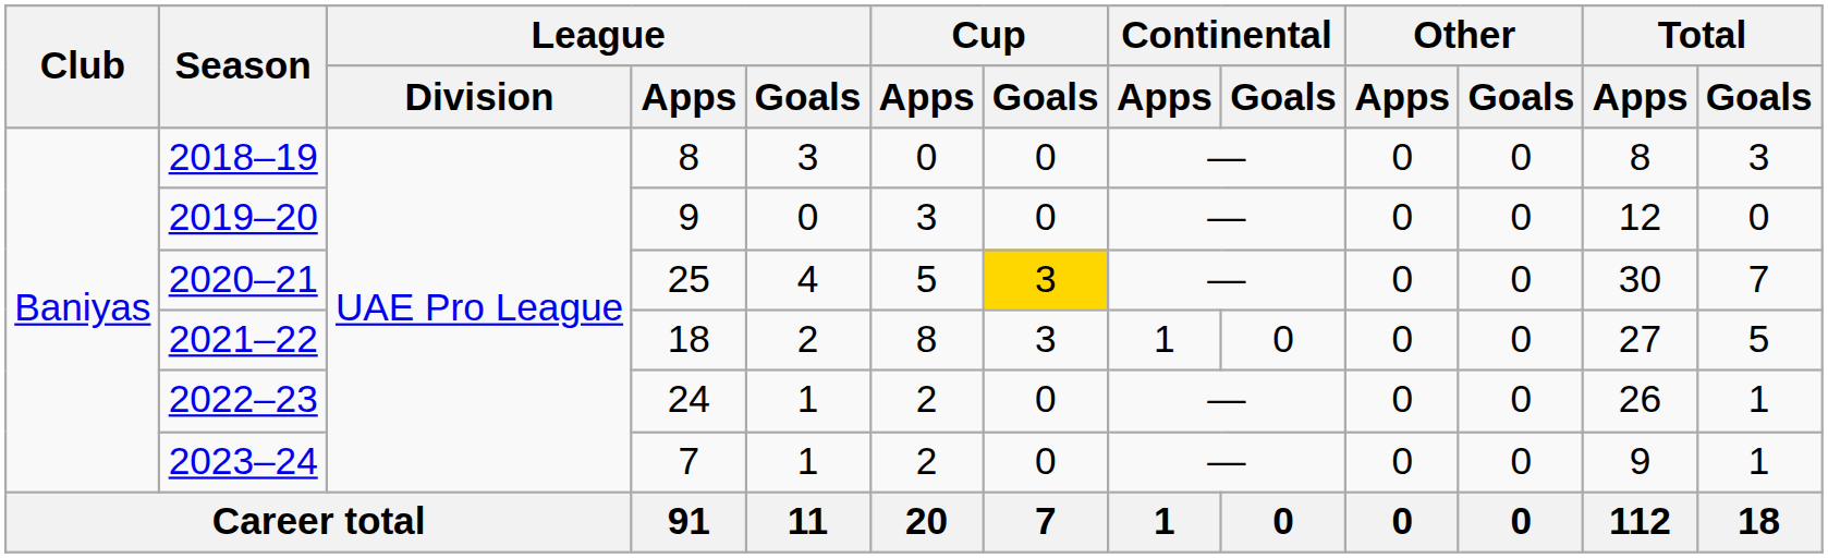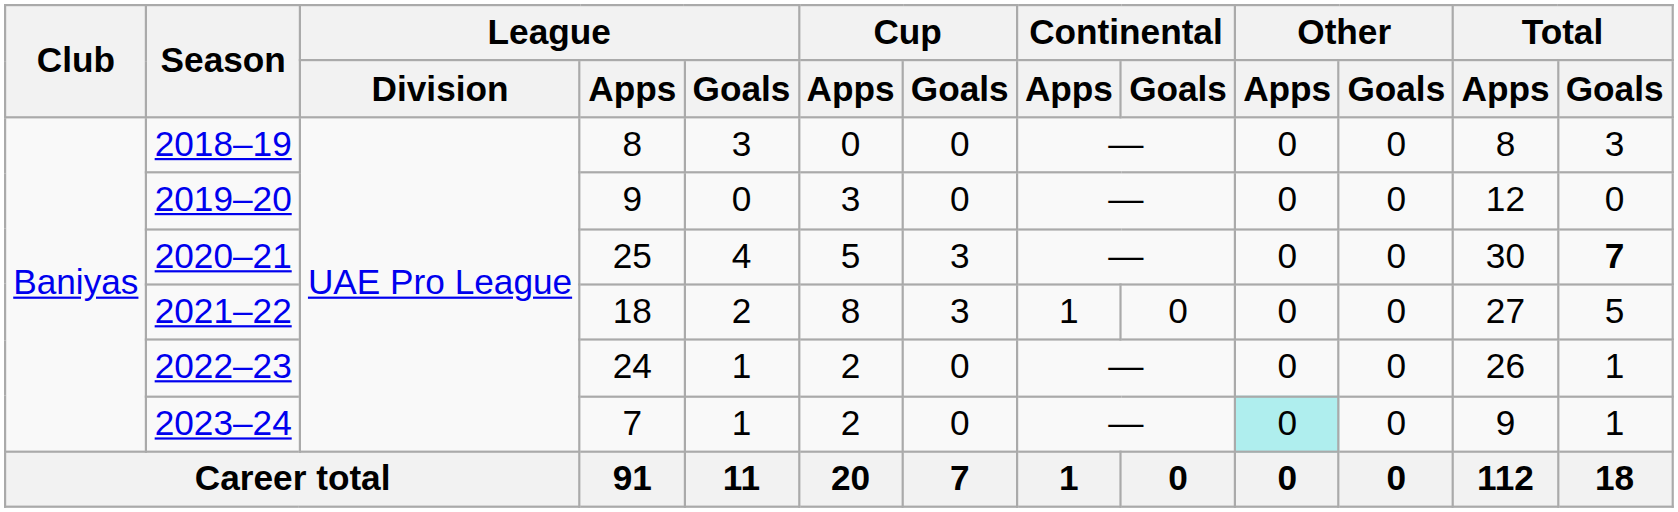 <table class="wikitable" style="text-align: center">
 <tr>
 <th rowspan="2">Club</th>
 <th rowspan="2">Season</th>
 <th colspan="3">League</th>
 <th colspan="2">Cup</th>
 <th colspan="2">Continental</th>
 <th colspan="2">Other</th>
 <th colspan="2">Total</th>
 </tr>
 <tr>
 <th>Division</th>
 <th>Apps</th>
 <th>Goals</th>
 <th>Apps</th>
 <th>Goals</th>
 <th>Apps</th>
 <th>Goals</th>
 <th>Apps</th>
 <th>Goals</th>
 <th>Apps</th>
 <th>Goals</th>
 </tr>
 <tr>
 <td rowspan="6"><a href='#'>Baniyas</a></td>
 <td><a href='#'>2018–19</a></td>
 <td rowspan="6"><a href='#'>UAE Pro League</a></td>
 <td>8</td>
 <td>3</td>
 <td>0</td>
 <td>0</td>
 <td colspan=2>—</td>
 <td>0</td>
 <td>0</td>
 <td>8</td>
 <td>3</td>
 </tr>
 <tr>
 <td><a href='#'>2019–20</a></td>
 <td>9</td>
 <td>0</td>
 <td>3</td>
 <td>0</td>
 <td colspan=2>—</td>
 <td>0</td>
 <td>0</td>
 <td>12</td>
 <td>0</td>
 </tr>
 <tr>
 <td><a href='#'>2020–21</a></td>
 <td>25</td>
 <td>4</td>
 <td>5</td>
-<td style="background: gold;">3</td>
+<td>3</td>
 <td colspan=2>—</td>
 <td>0</td>
 <td>0</td>
 <td>30</td>
-<td>7</td>
+<td><strong>7</strong></td>
 </tr>
 <tr>
 <td><a href='#'>2021–22</a></td>
 <td>18</td>
 <td>2</td>
 <td>8</td>
 <td>3</td>
 <td>1</td>
 <td>0</td>
 <td>0</td>
 <td>0</td>
 <td>27</td>
 <td>5</td>
 </tr>
 <tr>
 <td><a href='#'>2022–23</a></td>
 <td>24</td>
 <td>1</td>
 <td>2</td>
 <td>0</td>
 <td colspan=2>—</td>
 <td>0</td>
 <td>0</td>
 <td>26</td>
 <td>1</td>
 </tr>
 <tr>
 <td><a href='#'>2023–24</a></td>
 <td>7</td>
 <td>1</td>
 <td>2</td>
 <td>0</td>
 <td colspan=2>—</td>
-<td>0</td>
+<td style="background: paleturquoise;">0</td>
 <td>0</td>
 <td>9</td>
 <td>1</td>
 </tr>
 <tr>
 <th colspan="3"><strong>Career total</strong></th>
 <th>91</th>
 <th>11</th>
 <th>20</th>
 <th>7</th>
 <th>1</th>
 <th>0</th>
 <th>0</th>
 <th>0</th>
 <th>112</th>
 <th>18</th>
 </tr>
 </table>
